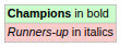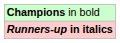 <table class="wikitable">
 <tr style="background:#cfc;">
 <td><strong>Champions</strong> in bold</td>
 </tr>
 <tr style="background:#fcc;">
-<td><em>Runners-up</em> in italics</td>
+<td><strong><em>Runners-up</em> in italics</strong></td>
 </tr>
 </table>
